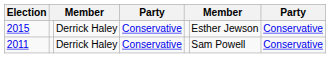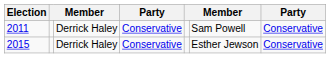 <table class="wikitable">
 <tr>
 <th>Election</th>
 <th colspan="2">Member</th>
 <th>Party</th>
 <th colspan="2">Member</th>
 <th>Party</th>
+</tr>
+<tr>
+<td><a href='#'>2011</a></td>
+<td style="background-color: "></td>
+<td>Derrick Haley</td>
+<td><a href='#'>Conservative</a></td>
+<td style="background-color: "></td>
+<td>Sam Powell</td>
+<td><a href='#'>Conservative</a></td>
 </tr>
 <tr>
 <td><a href='#'>2015</a></td>
 <td style="background-color: "></td>
 <td>Derrick Haley</td>
 <td><a href='#'>Conservative</a></td>
 <td style="background-color: "></td>
 <td>Esther Jewson</td>
 <td><a href='#'>Conservative</a></td>
 </tr>
-<tr>
-<td><a href='#'>2011</a></td>
-<td style="background-color: "></td>
-<td>Derrick Haley</td>
-<td><a href='#'>Conservative</a></td>
-<td style="background-color: "></td>
-<td>Sam Powell</td>
-<td><a href='#'>Conservative</a></td>
-</tr>
 </table>
